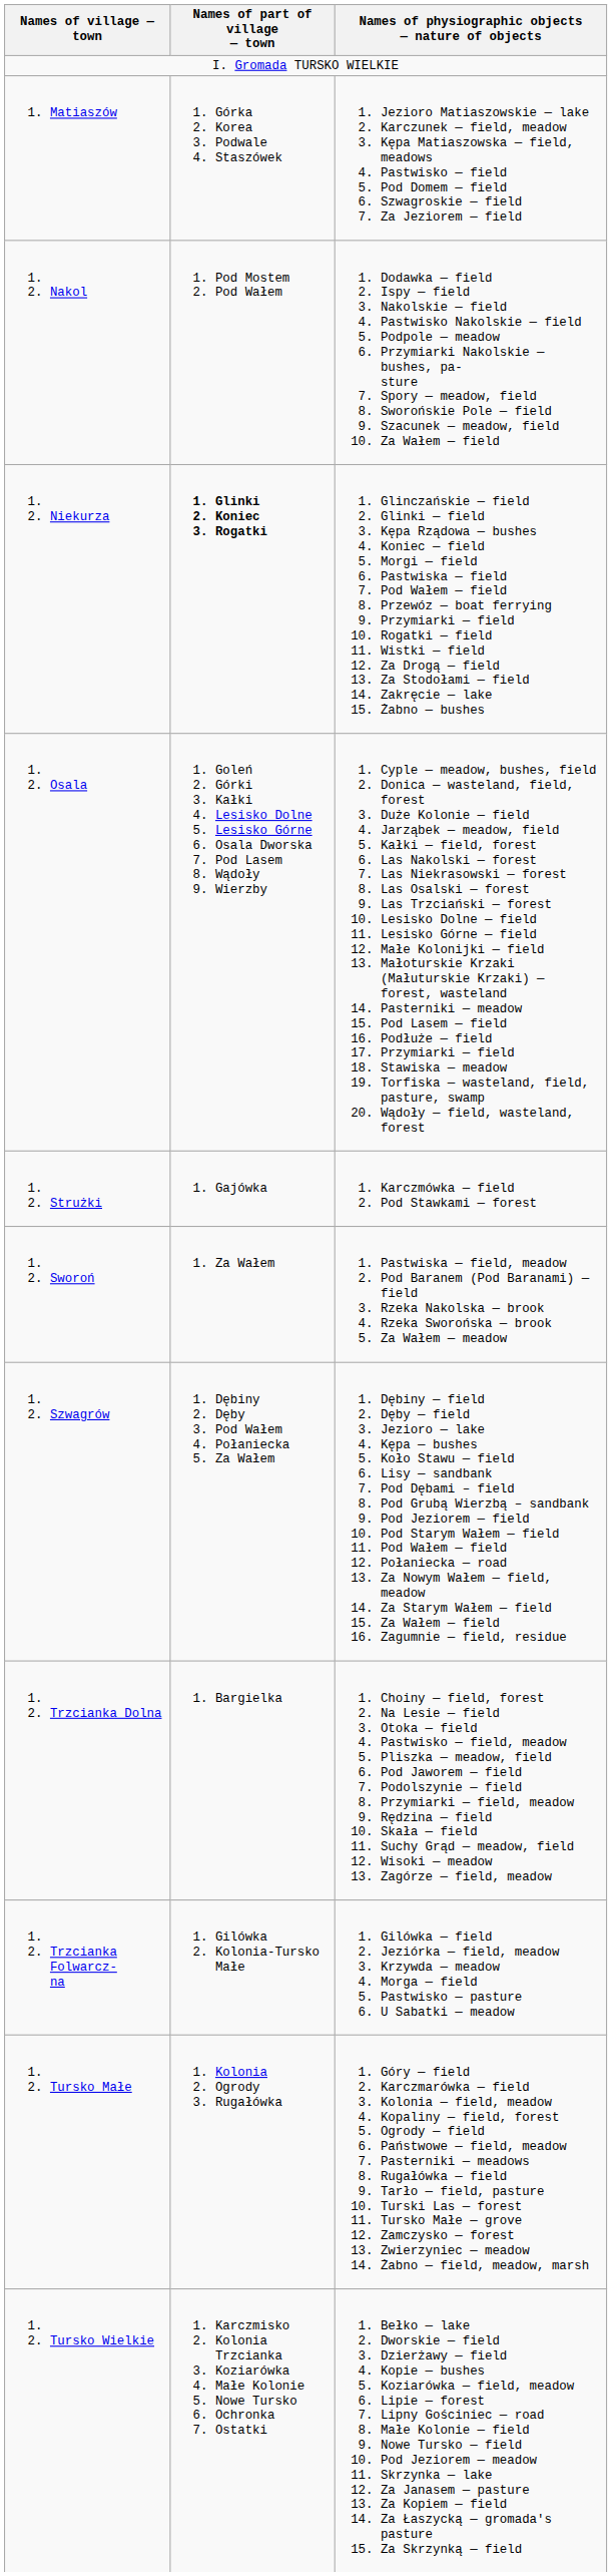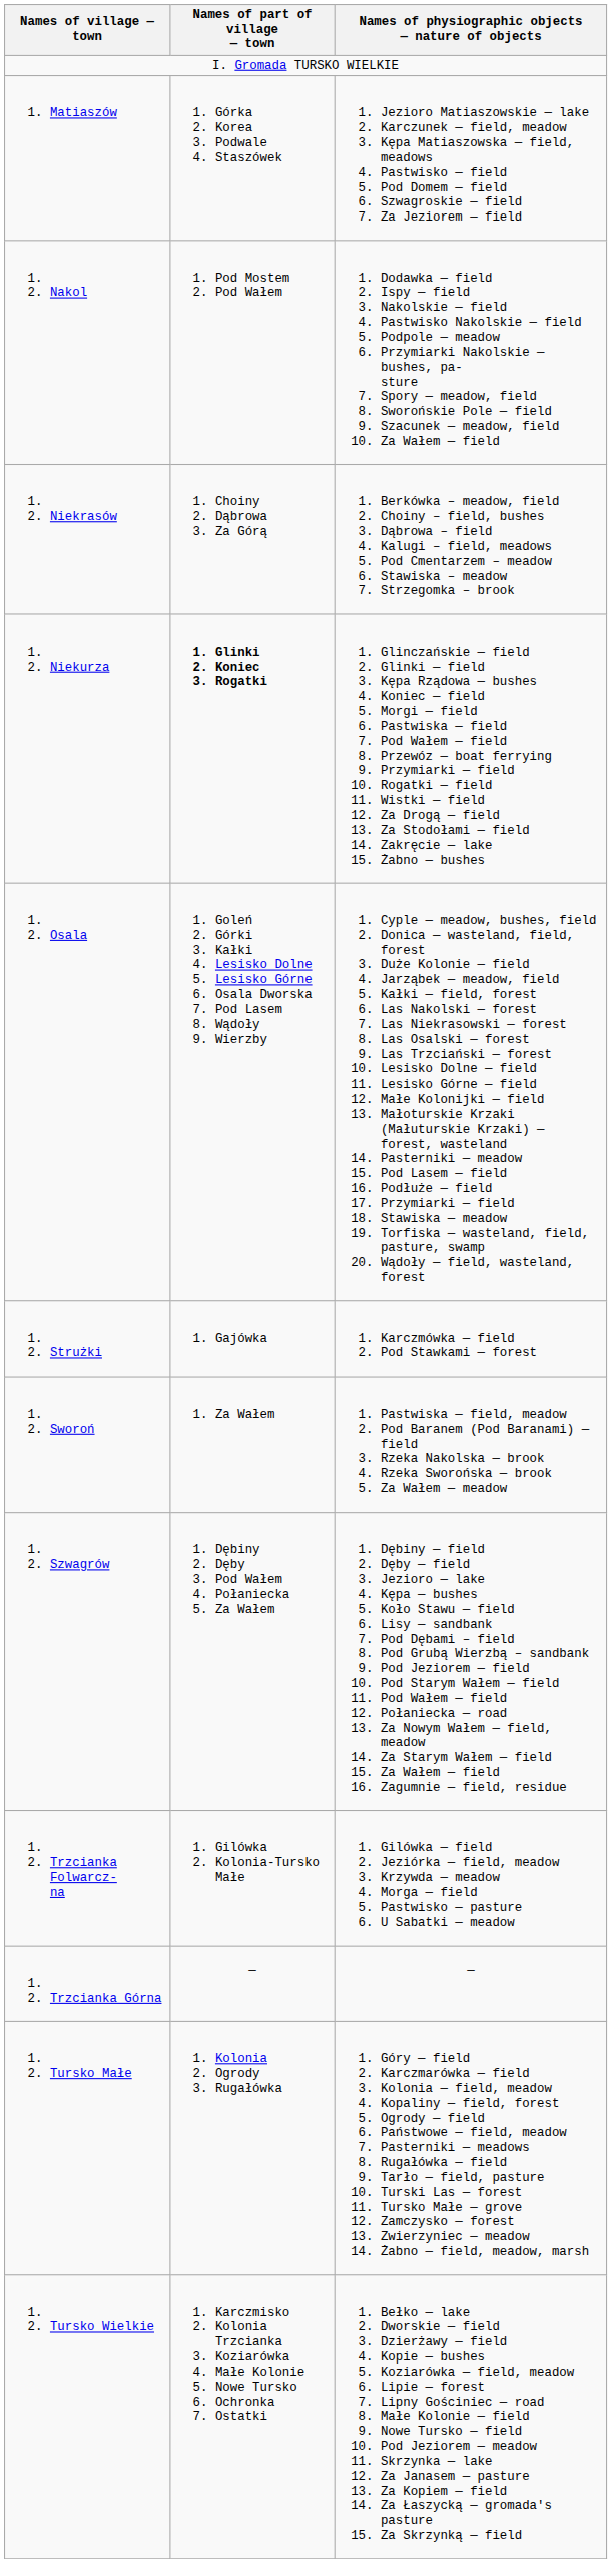 <table class="wikitable" style="text-align:center; font-size:90%" |>
 <tr>
 <th width="150px">Names of village — town</th>
 <th width="150px">Names of part of village<br> — town</th>
 <th width="250px">Names of physiographic objects<br> — nature of objects</th>
 </tr>
 <tr>
 <td colspan="3">I. <a href='#'>Gromada</a> TURSKO WIELKIE</td>
 </tr>
 <tr>
 <td valign="top" style="text-align:left"><br><ol><li><a href='#'>Matiaszów</a></li></ol></td>
 <td valign="top" style="text-align:left"><br><ol><li>Górka</li><li>Korea</li><li>Podwale</li><li>Staszówek</li></ol></td>
 <td valign="top" style="text-align:left"><br><ol><li>Jezioro Matiaszowskie — lake</li><li>Karczunek — field, meadow</li><li>Kępa Matiaszowska — field, meadows</li><li>Pastwisko — field</li><li>Pod Domem — field</li><li>Szwagroskie — field</li><li>Za Jeziorem — field</li></ol></td>
 </tr>
 <tr>
 <td valign="top" style="text-align:left"><br><ol><li><li> <a href='#'>Nakol</a></li></ol></td>
 <td valign="top" style="text-align:left"><br><ol><li>Pod Mostem</li><li>Pod Wałem</li></ol></td>
 <td valign="top" style="text-align:left"><br><ol><li>Dodawka — field</li><li>Ispy — field</li><li>Nakolskie — field</li><li>Pastwisko Nakolskie — field</li><li>Podpole — meadow</li><li>Przymiarki Nakolskie — bushes, pa-<br> sture</li><li>Spory — meadow, field</li><li>Sworońskie Pole — field</li><li>Szacunek — meadow, field</li><li>Za Wałem — field</li></ol></td>
+</tr>
+<tr>
+<td valign="top" style="text-align:left"><br><ol><li><li> <a href='#'>Niekrasów</a></li></ol></td>
+<td valign="top" style="text-align:left"><br><ol><li>Choiny</li><li>Dąbrowa</li><li>Za Górą</li></ol></td>
+<td valign="top" style="text-align:left"><br><ol><li>Berkówka – meadow, field</li><li>Choiny – field, bushes</li><li>Dąbrowa – field</li><li>Kalugi – field, meadows</li><li>Pod Cmentarzem – meadow</li><li>Stawiska – meadow</li><li>Strzegomka – brook</li></ol></td>
 </tr>
 <tr>
 <td valign="top" style="text-align:left"><br><ol><li><li> <a href='#'>Niekurza</a></li></ol></td>
 <td valign="top" style="text-align:left"><strong><br><ol><li>Glinki</li><li>Koniec</li><li>Rogatki</li></ol></strong></td>
 <td valign="top" style="text-align:left"><br><ol><li>Glinczańskie — field</li><li>Glinki — field</li><li>Kępa Rządowa — bushes</li><li>Koniec — field</li><li>Morgi — field</li><li>Pastwiska — field</li><li>Pod Wałem — field</li><li>Przewóz — boat ferrying</li><li>Przymiarki — field</li><li>Rogatki — field</li><li>Wistki — field</li><li>Za Drogą — field</li><li>Za Stodołami — field</li><li>Zakręcie — lake</li><li>Żabno — bushes</li></ol></td>
 </tr>
 <tr>
 <td valign="top" style="text-align:left"><br><ol><li><li> <a href='#'>Osala</a></li></ol></td>
 <td valign="top" style="text-align:left"><br><ol><li>Goleń</li><li>Górki</li><li>Kałki</li><li><a href='#'>Lesisko Dolne</a></li><li><a href='#'>Lesisko Górne</a></li><li>Osala Dworska</li><li>Pod Lasem</li><li>Wądoły</li><li>Wierzby</li></ol></td>
 <td valign="top" style="text-align:left"><br><ol><li>Cyple — meadow, bushes, field</li><li>Donica — wasteland, field, forest</li><li>Duże Kolonie — field</li><li>Jarząbek — meadow, field</li><li>Kałki — field, forest</li><li>Las Nakolski — forest</li><li>Las Niekrasowski — forest</li><li>Las Osalski — forest</li><li>Las Trzciański — forest</li><li>Lesisko Dolne — field</li><li>Lesisko Górne — field</li><li>Małe Kolonijki — field</li><li>Małoturskie Krzaki (Małuturskie Krzaki) — forest, wasteland</li><li>Pasterniki — meadow</li><li>Pod Lasem — field</li><li>Podłuże — field</li><li>Przymiarki — field</li><li>Stawiska — meadow</li><li>Torfiska — wasteland, field, pasture, swamp</li><li>Wądoły — field, wasteland, forest</li></ol></td>
 </tr>
 <tr>
 <td valign="top" style="text-align:left"><br><ol><li><li> <a href='#'>Strużki</a></li></ol></td>
 <td valign="top" style="text-align:left"><br><ol><li>Gajówka</li></ol></td>
 <td valign="top" style="text-align:left"><br><ol><li>Karczmówka — field</li><li>Pod Stawkami — forest</li></ol></td>
 </tr>
 <tr>
 <td valign="top" style="text-align:left"><br><ol><li><li> <a href='#'>Sworoń</a></li></ol></td>
 <td valign="top" style="text-align:left"><br><ol><li>Za Wałem</li></ol></td>
 <td valign="top" style="text-align:left"><br><ol><li>Pastwiska — field, meadow</li><li>Pod Baranem (Pod Baranami) — field</li><li>Rzeka Nakolska — brook</li><li>Rzeka Sworońska — brook</li><li>Za Wałem — meadow</li></ol></td>
 </tr>
 <tr>
 <td valign="top" style="text-align:left"><br><ol><li><li> <a href='#'>Szwagrów</a></li></ol></td>
 <td valign="top" style="text-align:left"><br><ol><li>Dębiny</li><li>Dęby</li><li>Pod Wałem</li><li>Połaniecka</li><li>Za Wałem</li></ol></td>
 <td valign="top" style="text-align:left"><br><ol><li>Dębiny — field</li><li>Dęby — field</li><li>Jezioro — lake</li><li>Kępa — bushes</li><li>Koło Stawu — field</li><li>Lisy — sandbank</li><li>Pod Dębami – field</li><li>Pod Grubą Wierzbą – sandbank</li><li>Pod Jeziorem — field</li><li>Pod Starym Wałem — field</li><li>Pod Wałem — field</li><li>Połaniecka — road</li><li>Za Nowym Wałem — field, meadow</li><li>Za Starym Wałem — field</li><li>Za Wałem — field</li><li>Zagumnie — field, residue</li></ol></td>
 </tr>
 <tr>
-<td valign="top" style="text-align:left"><br><ol><li><li> <a href='#'>Trzcianka Dolna</a></li></ol></td>
-<td valign="top" style="text-align:left"><br><ol><li>Bargielka</li></ol></td>
-<td valign="top" style="text-align:left"><br><ol><li>Choiny — field, forest</li><li>Na Lesie — field</li><li>Otoka — field</li><li>Pastwisko — field, meadow</li><li>Pliszka — meadow, field</li><li>Pod Jaworem — field</li><li>Podolszynie — field</li><li>Przymiarki — field, meadow</li><li>Rędzina — field</li><li>Skała — field</li><li>Suchy Grąd — meadow, field</li><li>Wisoki — meadow</li><li>Zagórze — field, meadow</li></ol></td>
-</tr>
-<tr>
 <td valign="top" style="text-align:left"><br><ol><li><li> <a href='#'>Trzcianka Folwarcz-<br>na</a></li></ol></td>
 <td valign="top" style="text-align:left"><br><ol><li>Gilówka</li><li>Kolonia-Tursko Małe</li></ol></td>
 <td valign="top" style="text-align:left"><br><ol><li>Gilówka — field</li><li>Jeziórka — field, meadow</li><li>Krzywda — meadow</li><li>Morga — field</li><li>Pastwisko — pasture</li><li>U Sabatki — meadow</li></ol></td>
+</tr>
+<tr>
+<td valign="top" style="text-align:left"><br><ol><li><li> <a href='#'>Trzcianka Górna</a></li></ol></td>
+<td valign="top" style="text-align:center"><br>—</td>
+<td valign="top" style="text-align:center"><br>—</td>
 </tr>
 <tr>
 <td valign="top" style="text-align:left"><br><ol><li><li> <a href='#'>Tursko Małe</a></li></ol></td>
 <td valign="top" style="text-align:left"><br><ol><li><a href='#'>Kolonia</a></li><li>Ogrody</li><li>Rugałówka</li></ol></td>
 <td valign="top" style="text-align:left"><br><ol><li>Góry — field</li><li>Karczmarówka — field</li><li>Kolonia — field, meadow</li><li>Kopaliny — field, forest</li><li>Ogrody — field</li><li>Państwowe — field, meadow</li><li>Pasterniki — meadows</li><li>Rugałówka — field</li><li>Tarło — field, pasture</li><li>Turski Las — forest</li><li>Tursko Małe — grove</li><li>Zamczysko — forest</li><li>Zwierzyniec — meadow</li><li>Żabno — field, meadow, marsh</li></ol></td>
 </tr>
 <tr>
 <td valign="top" style="text-align:left"><br><ol><li><li> <a href='#'>Tursko Wielkie</a></li></ol></td>
 <td valign="top" style="text-align:left"><br><ol><li>Karczmisko</li><li>Kolonia Trzcianka</li><li>Koziarówka</li><li>Małe Kolonie</li><li>Nowe Tursko</li><li>Ochronka</li><li>Ostatki</li></ol></td>
 <td valign="top" style="text-align:left"><br><ol><li>Bełko — lake</li><li>Dworskie — field</li><li>Dzierżawy — field</li><li>Kopie — bushes</li><li>Koziarówka — field, meadow</li><li>Lipie — forest</li><li>Lipny Gościniec — road</li><li>Małe Kolonie — field</li><li>Nowe Tursko — field</li><li>Pod Jeziorem — meadow</li><li>Skrzynka — lake</li><li>Za Janasem — pasture</li><li>Za Kopiem — field</li><li>Za Łaszycką — gromada's pasture</li><li>Za Skrzynką — field</li></ol></td>
 </tr>
 </table>
